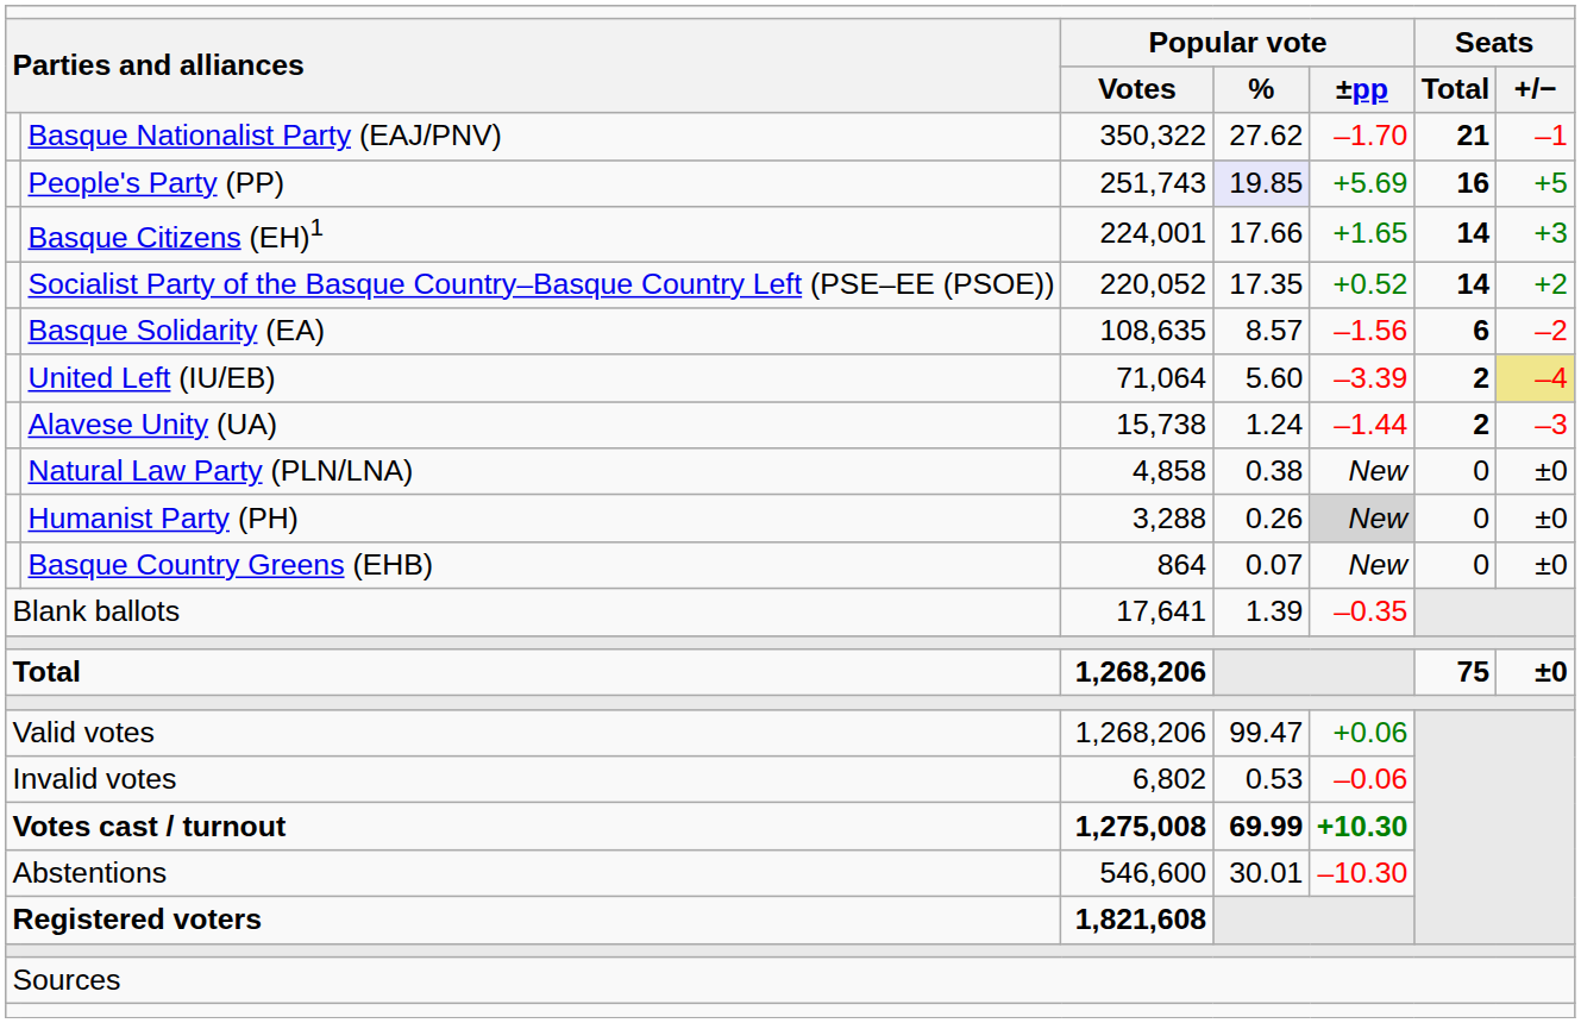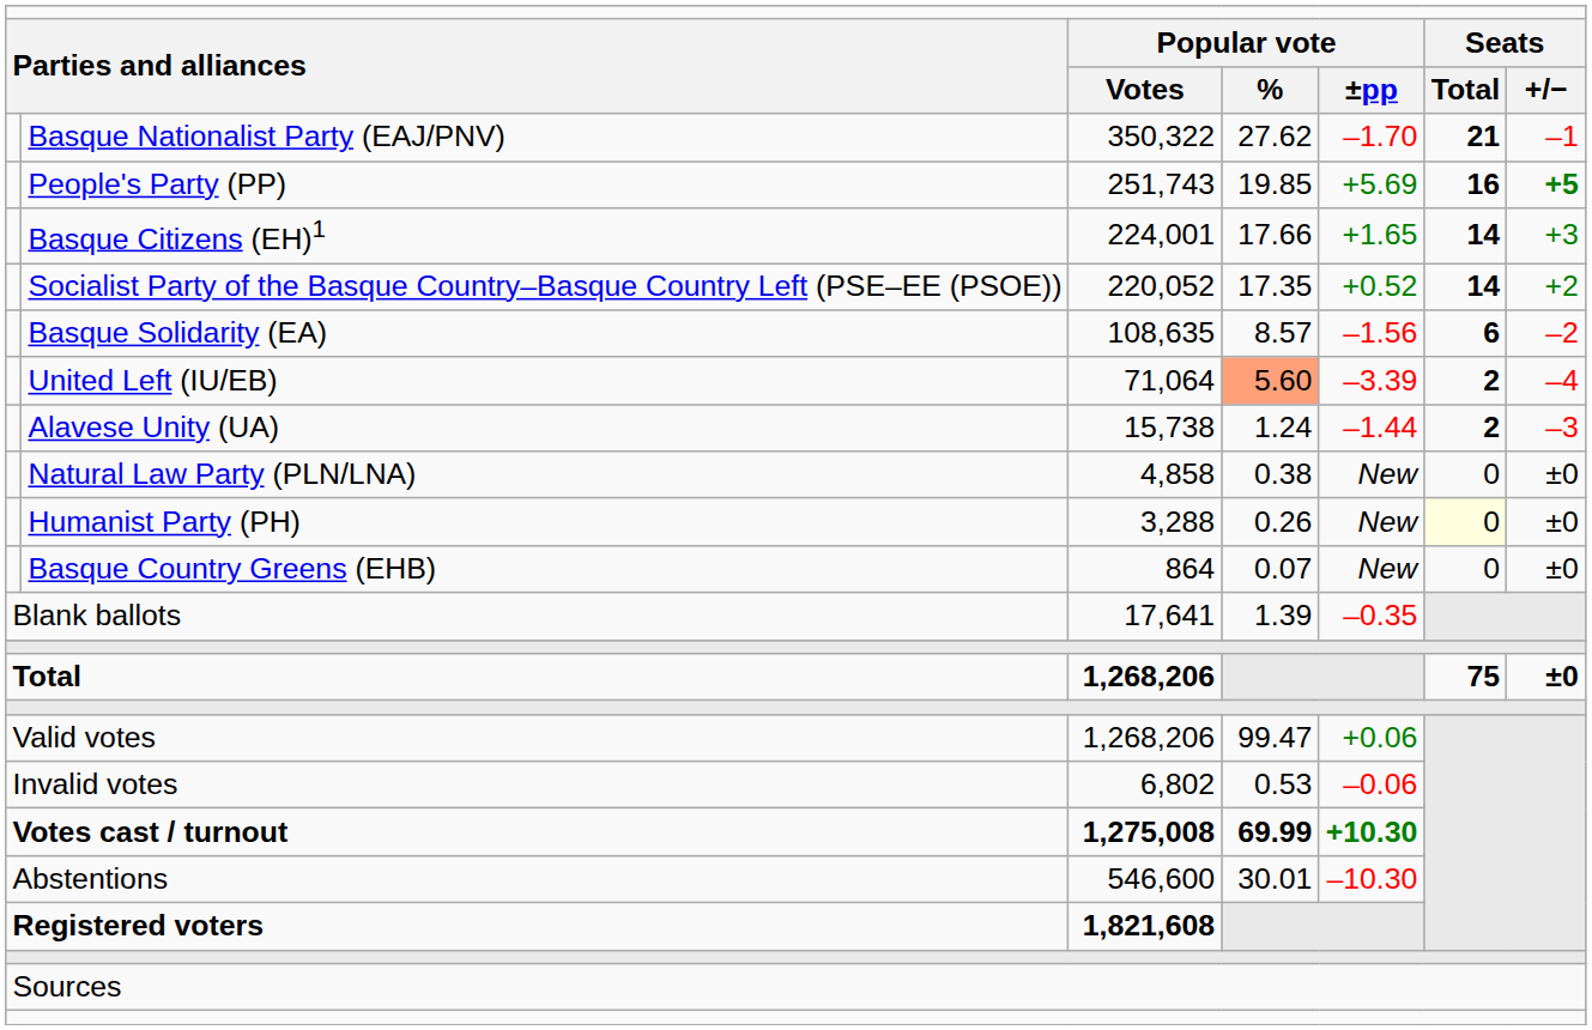 <table class="wikitable" style="text-align:right;">
 <tr>
 <td colspan="7"></td>
 </tr>
 <tr>
 <th style="text-align:left;" rowspan="2" colspan="2" width="525">Parties and alliances</th>
 <th colspan="3">Popular vote</th>
 <th colspan="2">Seats</th>
 </tr>
 <tr>
 <th width="75">Votes</th>
 <th width="45">%</th>
 <th width="45">±<a href='#'>pp</a></th>
 <th width="35">Total</th>
 <th width="35">+/−</th>
 </tr>
 <tr>
 <td width="1" style="color:inherit;background:"></td>
 <td align="left"><a href='#'>Basque Nationalist Party</a> (EAJ/PNV)</td>
 <td>350,322</td>
 <td>27.62</td>
 <td style="color:red;">–1.70</td>
 <td><strong>21</strong></td>
 <td style="color:red;">–1</td>
 </tr>
 <tr>
 <td style="color:inherit;background:"></td>
 <td align="left"><a href='#'>People's Party</a> (PP)</td>
 <td>251,743</td>
-<td style="background: lavender;">19.85</td>
+<td>19.85</td>
 <td style="color:green;">+5.69</td>
 <td><strong>16</strong></td>
-<td style="color:green;">+5</td>
+<td style="color:green;"><strong>+5</strong></td>
 </tr>
 <tr>
 <td style="color:inherit;background:"></td>
 <td align="left"><a href='#'>Basque Citizens</a> (EH)<sup>1</sup></td>
 <td>224,001</td>
 <td>17.66</td>
 <td style="color:green;">+1.65</td>
 <td><strong>14</strong></td>
 <td style="color:green;">+3</td>
 </tr>
 <tr>
 <td style="color:inherit;background:"></td>
 <td align="left"><a href='#'>Socialist Party of the Basque Country–Basque Country Left</a> (PSE–EE (PSOE))</td>
 <td>220,052</td>
 <td>17.35</td>
 <td style="color:green;">+0.52</td>
 <td><strong>14</strong></td>
 <td style="color:green;">+2</td>
 </tr>
 <tr>
 <td style="color:inherit;background:"></td>
 <td align="left"><a href='#'>Basque Solidarity</a> (EA)</td>
 <td>108,635</td>
 <td>8.57</td>
 <td style="color:red;">–1.56</td>
 <td><strong>6</strong></td>
 <td style="color:red;">–2</td>
 </tr>
 <tr>
 <td style="color:inherit;background:"></td>
 <td align="left"><a href='#'>United Left</a> (IU/EB)</td>
 <td>71,064</td>
-<td>5.60</td>
+<td style="background: lightsalmon;">5.60</td>
 <td style="color:red;">–3.39</td>
 <td><strong>2</strong></td>
-<td style="background: khaki; color:red;">–4</td>
+<td style="color:red;">–4</td>
 </tr>
 <tr>
 <td style="color:inherit;background:"></td>
 <td align="left"><a href='#'>Alavese Unity</a> (UA)</td>
 <td>15,738</td>
 <td>1.24</td>
 <td style="color:red;">–1.44</td>
 <td><strong>2</strong></td>
 <td style="color:red;">–3</td>
 </tr>
 <tr>
 <td style="color:inherit;background:"></td>
 <td align="left"><a href='#'>Natural Law Party</a> (PLN/LNA)</td>
 <td>4,858</td>
 <td>0.38</td>
 <td><em>New</em></td>
 <td>0</td>
 <td>±0</td>
 </tr>
 <tr>
 <td style="color:inherit;background:"></td>
 <td align="left"><a href='#'>Humanist Party</a> (PH)</td>
 <td>3,288</td>
 <td>0.26</td>
-<td style="background: lightgrey;"><em>New</em></td>
-<td>0</td>
+<td><em>New</em></td>
+<td style="background: lightyellow;">0</td>
 <td>±0</td>
 </tr>
 <tr>
 <td style="color:inherit;background:"></td>
 <td align="left"><a href='#'>Basque Country Greens</a> (EHB)</td>
 <td>864</td>
 <td>0.07</td>
 <td><em>New</em></td>
 <td>0</td>
 <td>±0</td>
 </tr>
 <tr>
 <td align="left" colspan="2">Blank ballots</td>
 <td>17,641</td>
 <td>1.39</td>
 <td style="color:red;">–0.35</td>
 <td bgcolor="#E9E9E9" colspan="2"></td>
 </tr>
 <tr>
 <td colspan="7" bgcolor="#E9E9E9"></td>
 </tr>
 <tr style="font-weight:bold;">
 <td align="left" colspan="2">Total</td>
 <td>1,268,206</td>
 <td bgcolor="#E9E9E9" colspan="2"></td>
 <td>75</td>
 <td>±0</td>
 </tr>
 <tr>
 <td colspan="7" bgcolor="#E9E9E9"></td>
 </tr>
 <tr>
 <td align="left" colspan="2">Valid votes</td>
 <td>1,268,206</td>
 <td>99.47</td>
 <td style="color:green;">+0.06</td>
 <td bgcolor="#E9E9E9" colspan="2" rowspan="5"></td>
 </tr>
 <tr>
 <td align="left" colspan="2">Invalid votes</td>
 <td>6,802</td>
 <td>0.53</td>
 <td style="color:red;">–0.06</td>
 </tr>
 <tr style="font-weight:bold;">
 <td align="left" colspan="2">Votes cast / turnout</td>
 <td>1,275,008</td>
 <td>69.99</td>
 <td style="color:green;">+10.30</td>
 </tr>
 <tr>
 <td align="left" colspan="2">Abstentions</td>
 <td>546,600</td>
 <td>30.01</td>
 <td style="color:red;">–10.30</td>
 </tr>
 <tr style="font-weight:bold;">
 <td align="left" colspan="2">Registered voters</td>
 <td>1,821,608</td>
 <td bgcolor="#E9E9E9" colspan="2"></td>
 </tr>
 <tr>
 <td colspan="7" bgcolor="#E9E9E9"></td>
 </tr>
 <tr>
 <td align="left" colspan="7">Sources</td>
 </tr>
 <tr>
 <td colspan="7" style="text-align:left; max-width:790px;"></td>
 </tr>
 </table>
